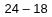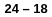 <table style="text-align:center">
 <tr>
 <th width=200></th>
 <th width=100></th>
 <th width=200></th>
 </tr>
 <tr>
 <td align=right><strong></strong></td>
-<td>24 – 18</td>
+<td><strong>24 – 18</strong></td>
 <td align=left></td>
 </tr>
 </table>
